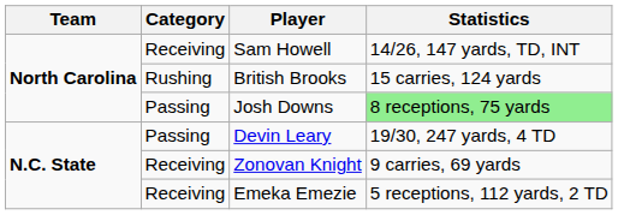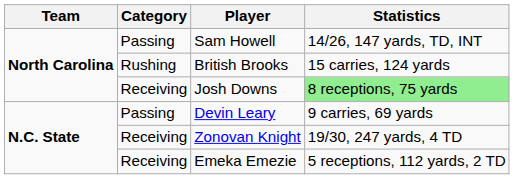 <table class="wikitable" style="float: left;">
 <tr>
 <th>Team</th>
 <th>Category</th>
 <th>Player</th>
 <th>Statistics</th>
 </tr>
 <tr>
 <td rowspan=3><strong>North Carolina</strong></td>
-<td>Receiving</td>
+<td>Passing</td>
 <td>Sam Howell</td>
 <td>14/26, 147 yards, TD, INT</td>
 </tr>
 <tr>
 <td>Rushing</td>
 <td>British Brooks</td>
 <td>15 carries, 124 yards</td>
 </tr>
 <tr>
-<td>Passing</td>
+<td>Receiving</td>
 <td>Josh Downs</td>
 <td style="background: lightgreen;">8 receptions, 75 yards</td>
 </tr>
 <tr>
 <td rowspan=3><strong>N.C. State</strong></td>
 <td>Passing</td>
 <td><a href='#'>Devin Leary</a></td>
-<td>19/30, 247 yards, 4 TD</td>
+<td>9 carries, 69 yards</td>
 </tr>
 <tr>
 <td>Receiving</td>
 <td><a href='#'>Zonovan Knight</a></td>
-<td>9 carries, 69 yards</td>
+<td>19/30, 247 yards, 4 TD</td>
 </tr>
 <tr>
 <td>Receiving</td>
 <td>Emeka Emezie</td>
 <td>5 receptions, 112 yards, 2 TD</td>
 </tr>
 </table>
